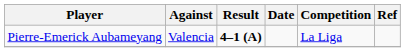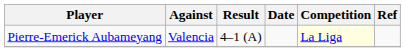 <table class="wikitable">
 <tr>
 <th>Player</th>
 <th>Against</th>
 <th style="text-align:center">Result</th>
 <th>Date</th>
 <th style="text-align:center">Competition</th>
 <th>Ref</th>
 </tr>
 <tr>
 <td> <a href='#'>Pierre-Emerick Aubameyang</a></td>
 <td> <a href='#'>Valencia</a></td>
-<td><strong>4–1 (A)</strong></td>
+<td>4–1 (A)</td>
 <td></td>
-<td><a href='#'>La Liga</a></td>
+<td style="background: lightyellow;"><a href='#'>La Liga</a></td>
 <td></td>
 </tr>
 <tr>
 </tr>
 </table>
